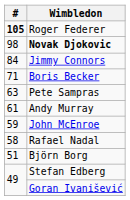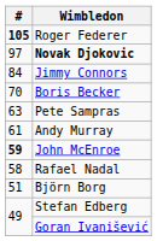 <table class="wikitable" style="display:inline-table;">
 <tr>
 <th>#</th>
 <th>Wimbledon</th>
 </tr>
 <tr>
 <td><strong>105</strong></td>
 <td> Roger Federer</td>
 </tr>
 <tr>
-<td>98</td>
+<td>97</td>
 <td> <strong>Novak Djokovic</strong></td>
 </tr>
 <tr>
 <td>84</td>
 <td> <a href='#'>Jimmy Connors</a></td>
 </tr>
 <tr>
-<td>71</td>
+<td>70</td>
 <td> <a href='#'>Boris Becker</a></td>
 </tr>
 <tr>
 <td>63</td>
 <td> Pete Sampras</td>
 </tr>
 <tr>
 <td>61</td>
 <td> Andy Murray</td>
 </tr>
 <tr>
-<td>59</td>
+<td><strong>59</strong></td>
 <td> <a href='#'>John McEnroe</a></td>
 </tr>
 <tr>
 <td>58</td>
 <td> Rafael Nadal</td>
 </tr>
 <tr>
 <td>51</td>
 <td> Björn Borg</td>
 </tr>
 <tr>
 <td rowspan="2">49</td>
 <td> Stefan Edberg</td>
 </tr>
 <tr>
 <td> <a href='#'>Goran Ivanišević</a></td>
 </tr>
 </table>
